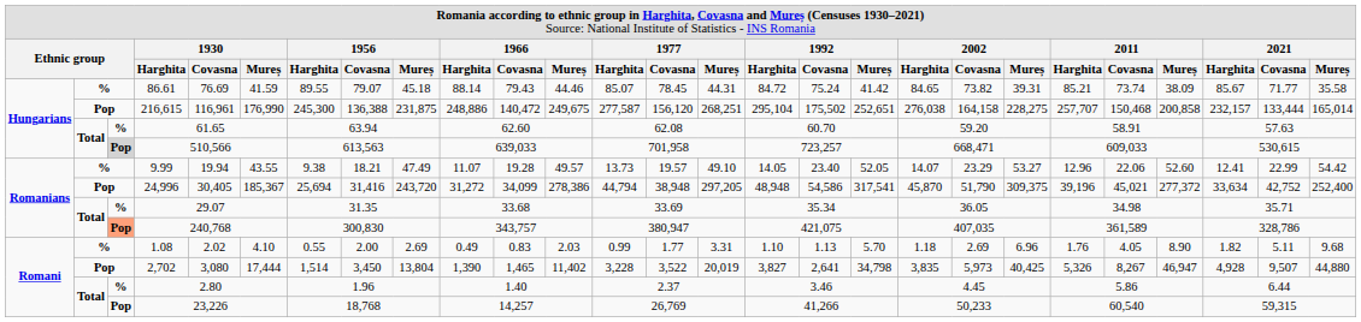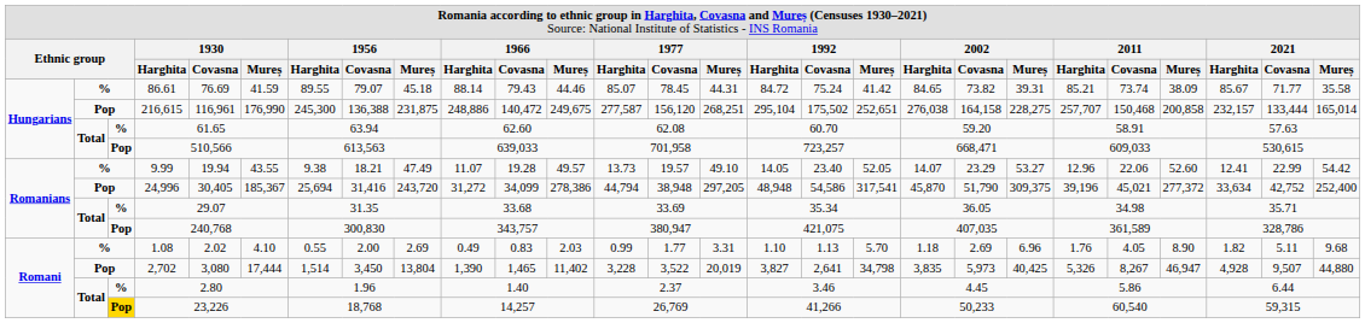 <table class="wikitable">
 <tr bgcolor="#e0e0e0">
 <td colspan="27" align="center"><strong>Romania according to ethnic group in <a href='#'>Harghita</a>, <a href='#'>Covasna</a> and <a href='#'>Mureș</a> (Censuses 1930–2021)</strong><br>Source: National Institute of Statistics - <a href='#'>INS Romania</a></td>
 </tr>
 <tr bgcolor="#e0e0e0">
 <th rowspan="2" ! colspan="3">Ethnic group</th>
 <th colspan="3">1930</th>
 <th colspan="3">1956</th>
 <th colspan="3">1966</th>
 <th colspan="3">1977</th>
 <th colspan="3">1992</th>
 <th colspan="3">2002</th>
 <th colspan="3">2011</th>
 <th colspan="3">2021</th>
 </tr>
 <tr bgcolor="#e0e0e0">
 <th>Harghita</th>
 <th>Covasna</th>
 <th>Mureș</th>
 <th>Harghita</th>
 <th>Covasna</th>
 <th>Mureș</th>
 <th>Harghita</th>
 <th>Covasna</th>
 <th>Mureș</th>
 <th>Harghita</th>
 <th>Covasna</th>
 <th>Mureș</th>
 <th>Harghita</th>
 <th>Covasna</th>
 <th>Mureș</th>
 <th>Harghita</th>
 <th>Covasna</th>
 <th>Mureș</th>
 <th>Harghita</th>
 <th>Covasna</th>
 <th>Mureș</th>
 <th>Harghita</th>
 <th>Covasna</th>
 <th>Mureș</th>
 </tr>
 <tr style="text-align:center;">
 <td rowspan="4"><strong><a href='#'>Hungarians</a></strong></td>
 <td colspan="2"><strong>%</strong></td>
 <td>86.61</td>
 <td>76.69</td>
 <td>41.59</td>
 <td>89.55</td>
 <td>79.07</td>
 <td>45.18</td>
 <td>88.14</td>
 <td>79.43</td>
 <td>44.46</td>
 <td>85.07</td>
 <td>78.45</td>
 <td>44.31</td>
 <td>84.72</td>
 <td>75.24</td>
 <td>41.42</td>
 <td>84.65</td>
 <td>73.82</td>
 <td>39.31</td>
 <td>85.21</td>
 <td>73.74</td>
 <td>38.09</td>
 <td>85.67</td>
 <td>71.77</td>
 <td>35.58</td>
 </tr>
 <tr style="text-align:center;">
 <td colspan="2"><strong>Pop</strong></td>
 <td>216,615</td>
 <td>116,961</td>
 <td>176,990</td>
 <td>245,300</td>
 <td>136,388</td>
 <td>231,875</td>
 <td>248,886</td>
 <td>140,472</td>
 <td>249,675</td>
 <td>277,587</td>
 <td>156,120</td>
 <td>268,251</td>
 <td>295,104</td>
 <td>175,502</td>
 <td>252,651</td>
 <td>276,038</td>
 <td>164,158</td>
 <td>228,275</td>
 <td>257,707</td>
 <td>150,468</td>
 <td>200,858</td>
 <td>232,157</td>
 <td>133,444</td>
 <td>165,014</td>
 </tr>
 <tr style="text-align:center;">
 <td rowspan="2"><strong>Total</strong></td>
 <td><strong>%</strong></td>
 <td colspan="3">61.65</td>
 <td colspan="3">63.94</td>
 <td colspan="3">62.60</td>
 <td colspan="3">62.08</td>
 <td colspan="3">60.70</td>
 <td colspan="3">59.20</td>
 <td colspan="3">58.91</td>
 <td colspan="3">57.63</td>
 </tr>
 <tr style="text-align:center;">
-<td style="background: lightgrey;"><strong>Pop</strong></td>
+<td><strong>Pop</strong></td>
 <td colspan="3">510,566</td>
 <td colspan="3">613,563</td>
 <td colspan="3">639,033</td>
 <td colspan="3">701,958</td>
 <td colspan="3">723,257</td>
 <td colspan="3">668,471</td>
 <td colspan="3">609,033</td>
 <td colspan="3">530,615</td>
 </tr>
 <tr style="text-align:center;">
 <td rowspan="4"><strong><a href='#'>Romanians</a></strong></td>
 <td colspan="2"><strong>%</strong></td>
 <td>9.99</td>
 <td>19.94</td>
 <td>43.55</td>
 <td>9.38</td>
 <td>18.21</td>
 <td>47.49</td>
 <td>11.07</td>
 <td>19.28</td>
 <td>49.57</td>
 <td>13.73</td>
 <td>19.57</td>
 <td>49.10</td>
 <td>14.05</td>
 <td>23.40</td>
 <td>52.05</td>
 <td>14.07</td>
 <td>23.29</td>
 <td>53.27</td>
 <td>12.96</td>
 <td>22.06</td>
 <td>52.60</td>
 <td>12.41</td>
 <td>22.99</td>
 <td>54.42</td>
 </tr>
 <tr style="text-align:center;">
 <td colspan="2"><strong>Pop</strong></td>
 <td>24,996</td>
 <td>30,405</td>
 <td>185,367</td>
 <td>25,694</td>
 <td>31,416</td>
 <td>243,720</td>
 <td>31,272</td>
 <td>34,099</td>
 <td>278,386</td>
 <td>44,794</td>
 <td>38,948</td>
 <td>297,205</td>
 <td>48,948</td>
 <td>54,586</td>
 <td>317,541</td>
 <td>45,870</td>
 <td>51,790</td>
 <td>309,375</td>
 <td>39,196</td>
 <td>45,021</td>
 <td>277,372</td>
 <td>33,634</td>
 <td>42,752</td>
 <td>252,400</td>
 </tr>
 <tr style="text-align:center;">
 <td rowspan="2"><strong>Total</strong></td>
 <td><strong>%</strong></td>
 <td colspan="3">29.07</td>
 <td colspan="3">31.35</td>
 <td colspan="3">33.68</td>
 <td colspan="3">33.69</td>
 <td colspan="3">35.34</td>
 <td colspan="3">36.05</td>
 <td colspan="3">34.98</td>
 <td colspan="3">35.71</td>
 </tr>
 <tr style="text-align:center;">
-<td style="background: lightsalmon;"><strong>Pop</strong></td>
+<td><strong>Pop</strong></td>
 <td colspan="3">240,768</td>
 <td colspan="3">300,830</td>
 <td colspan="3">343,757</td>
 <td colspan="3">380,947</td>
 <td colspan="3">421,075</td>
 <td colspan="3">407,035</td>
 <td colspan="3">361,589</td>
 <td colspan="3">328,786</td>
 </tr>
 <tr style="text-align:center;">
 <td rowspan="4"><strong><a href='#'>Romani</a></strong></td>
 <td colspan="2"><strong>%</strong></td>
 <td>1.08</td>
 <td>2.02</td>
 <td>4.10</td>
 <td>0.55</td>
 <td>2.00</td>
 <td>2.69</td>
 <td>0.49</td>
 <td>0.83</td>
 <td>2.03</td>
 <td>0.99</td>
 <td>1.77</td>
 <td>3.31</td>
 <td>1.10</td>
 <td>1.13</td>
 <td>5.70</td>
 <td>1.18</td>
 <td>2.69</td>
 <td>6.96</td>
 <td>1.76</td>
 <td>4.05</td>
 <td>8.90</td>
 <td>1.82</td>
 <td>5.11</td>
 <td>9.68</td>
 </tr>
 <tr style="text-align:center;">
 <td colspan="2"><strong>Pop</strong></td>
 <td>2,702</td>
 <td>3,080</td>
 <td>17,444</td>
 <td>1,514</td>
 <td>3,450</td>
 <td>13,804</td>
 <td>1,390</td>
 <td>1,465</td>
 <td>11,402</td>
 <td>3,228</td>
 <td>3,522</td>
 <td>20,019</td>
 <td>3,827</td>
 <td>2,641</td>
 <td>34,798</td>
 <td>3,835</td>
 <td>5,973</td>
 <td>40,425</td>
 <td>5,326</td>
 <td>8,267</td>
 <td>46,947</td>
 <td>4,928</td>
 <td>9,507</td>
 <td>44,880</td>
 </tr>
 <tr style="text-align:center;">
 <td rowspan="2"><strong>Total</strong></td>
 <td><strong>%</strong></td>
 <td colspan="3">2.80</td>
 <td colspan="3">1.96</td>
 <td colspan="3">1.40</td>
 <td colspan="3">2.37</td>
 <td colspan="3">3.46</td>
 <td colspan="3">4.45</td>
 <td colspan="3">5.86</td>
 <td colspan="3">6.44</td>
 </tr>
 <tr style="text-align:center;">
-<td><strong>Pop</strong></td>
+<td style="background: gold;"><strong>Pop</strong></td>
 <td colspan="3">23,226</td>
 <td colspan="3">18,768</td>
 <td colspan="3">14,257</td>
 <td colspan="3">26,769</td>
 <td colspan="3">41,266</td>
 <td colspan="3">50,233</td>
 <td colspan="3">60,540</td>
 <td colspan="3">59,315</td>
 </tr>
 </table>
